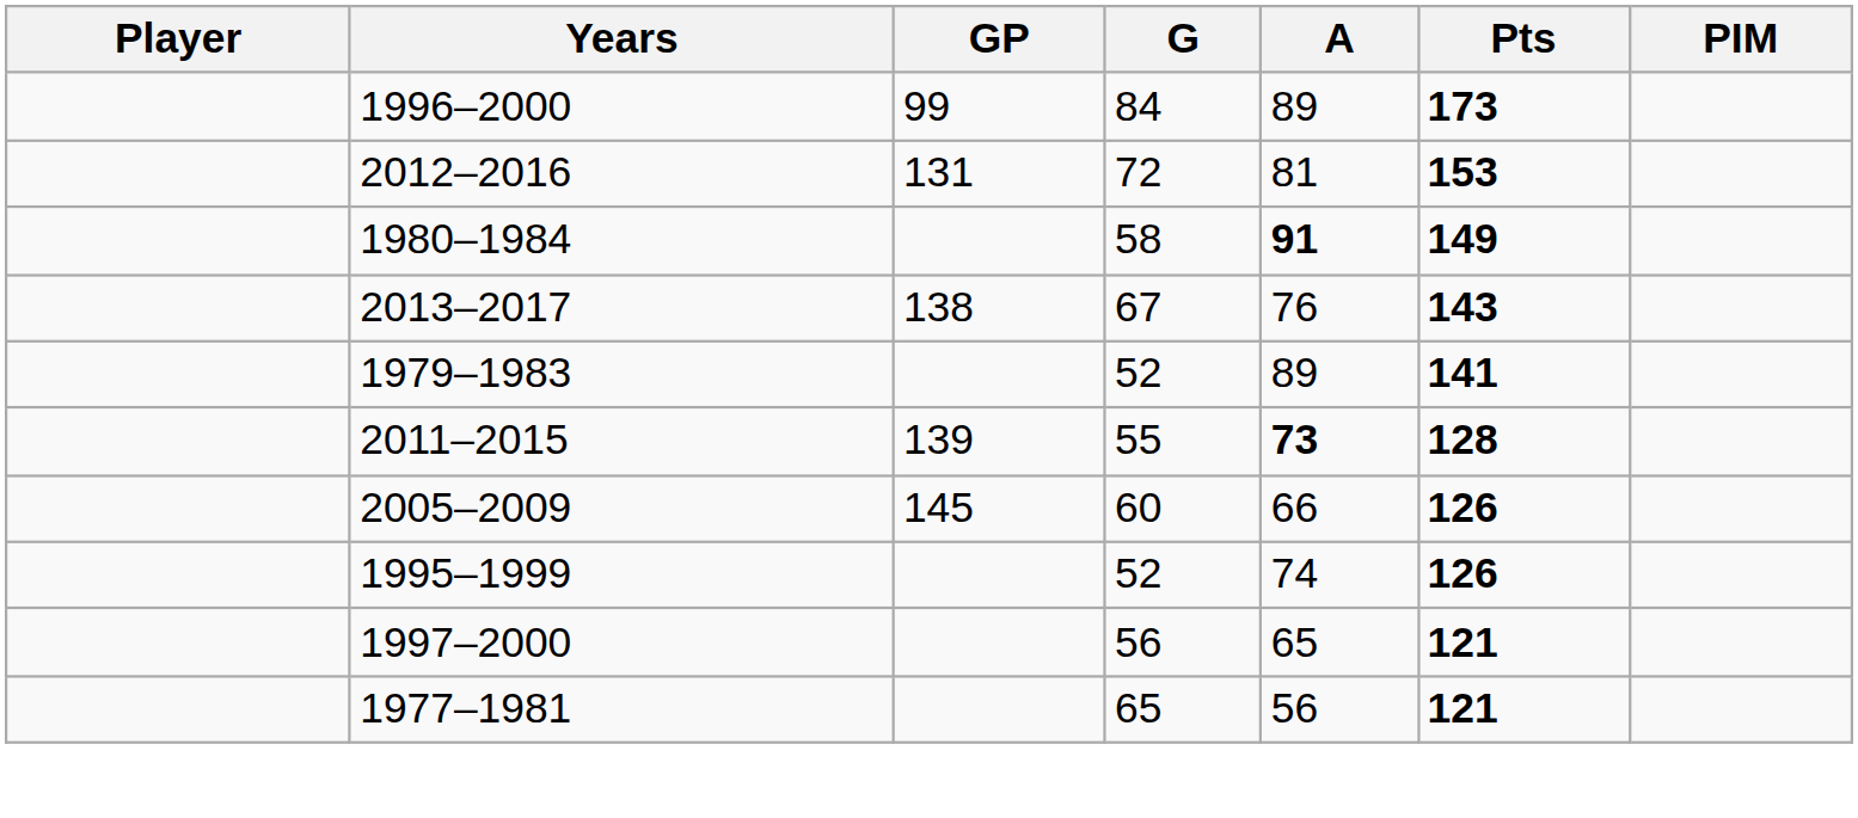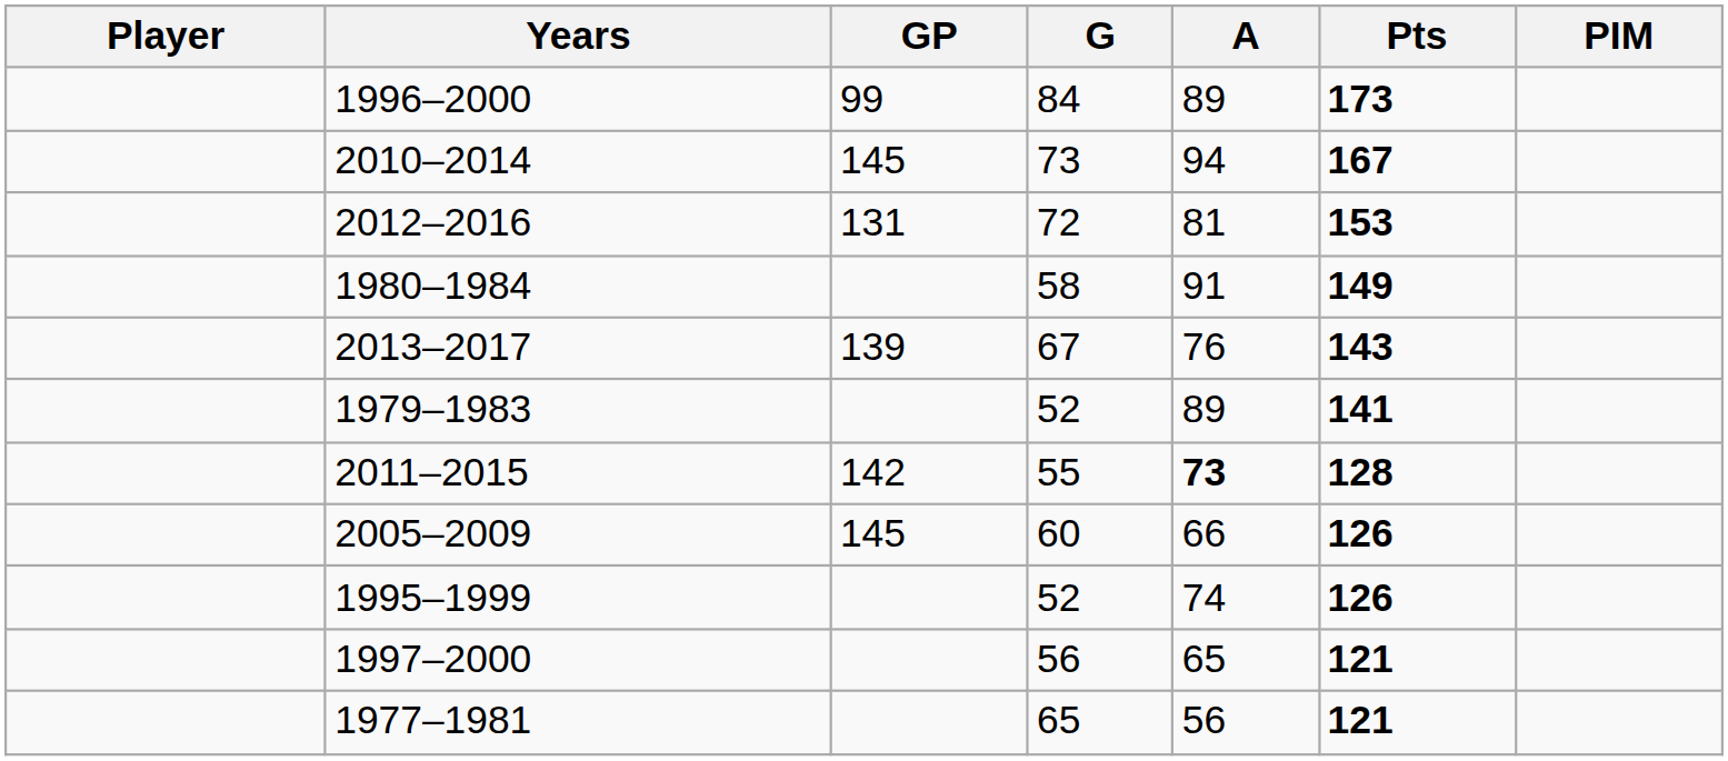 <table class="wikitable sortable" width ="700" cellpadding="1" border="1" cellspacing="0">
 <tr>
 <th>Player</th>
 <th>Years</th>
 <th>GP</th>
 <th>G</th>
 <th>A</th>
 <th>Pts</th>
 <th>PIM</th>
 </tr>
 <tr>
 <td></td>
 <td>1996–2000</td>
 <td>99</td>
 <td>84</td>
 <td>89</td>
 <td><strong>173</strong></td>
 <td></td>
 </tr>
 <tr>
 <td></td>
+<td>2010–2014</td>
+<td>145</td>
+<td>73</td>
+<td>94</td>
+<td><strong>167</strong></td>
+<td></td>
+</tr>
+<tr>
+<td></td>
 <td>2012–2016</td>
 <td>131</td>
 <td>72</td>
 <td>81</td>
 <td><strong>153</strong></td>
 <td></td>
 </tr>
 <tr>
 <td></td>
 <td>1980–1984</td>
 <td></td>
 <td>58</td>
-<td><strong>91</strong></td>
+<td>91</td>
 <td><strong>149</strong></td>
 <td></td>
 </tr>
 <tr>
 <td></td>
 <td>2013–2017</td>
-<td>138</td>
+<td>139</td>
 <td>67</td>
 <td>76</td>
 <td><strong>143</strong></td>
 <td></td>
 </tr>
 <tr>
 <td></td>
 <td>1979–1983</td>
 <td></td>
 <td>52</td>
 <td>89</td>
 <td><strong>141</strong></td>
 <td></td>
 </tr>
 <tr>
 <td></td>
 <td>2011–2015</td>
-<td>139</td>
+<td>142</td>
 <td>55</td>
 <td><strong>73</strong></td>
 <td><strong>128</strong></td>
 <td></td>
 </tr>
 <tr>
 <td></td>
 <td>2005–2009</td>
 <td>145</td>
 <td>60</td>
 <td>66</td>
 <td><strong>126</strong></td>
 <td></td>
 </tr>
 <tr>
 <td></td>
 <td>1995–1999</td>
 <td></td>
 <td>52</td>
 <td>74</td>
 <td><strong>126</strong></td>
 <td></td>
 </tr>
 <tr>
 <td></td>
 <td>1997–2000</td>
 <td></td>
 <td>56</td>
 <td>65</td>
 <td><strong>121</strong></td>
 <td></td>
 </tr>
 <tr>
 <td></td>
 <td>1977–1981</td>
 <td></td>
 <td>65</td>
 <td>56</td>
 <td><strong>121</strong></td>
 <td></td>
 </tr>
 </table>
